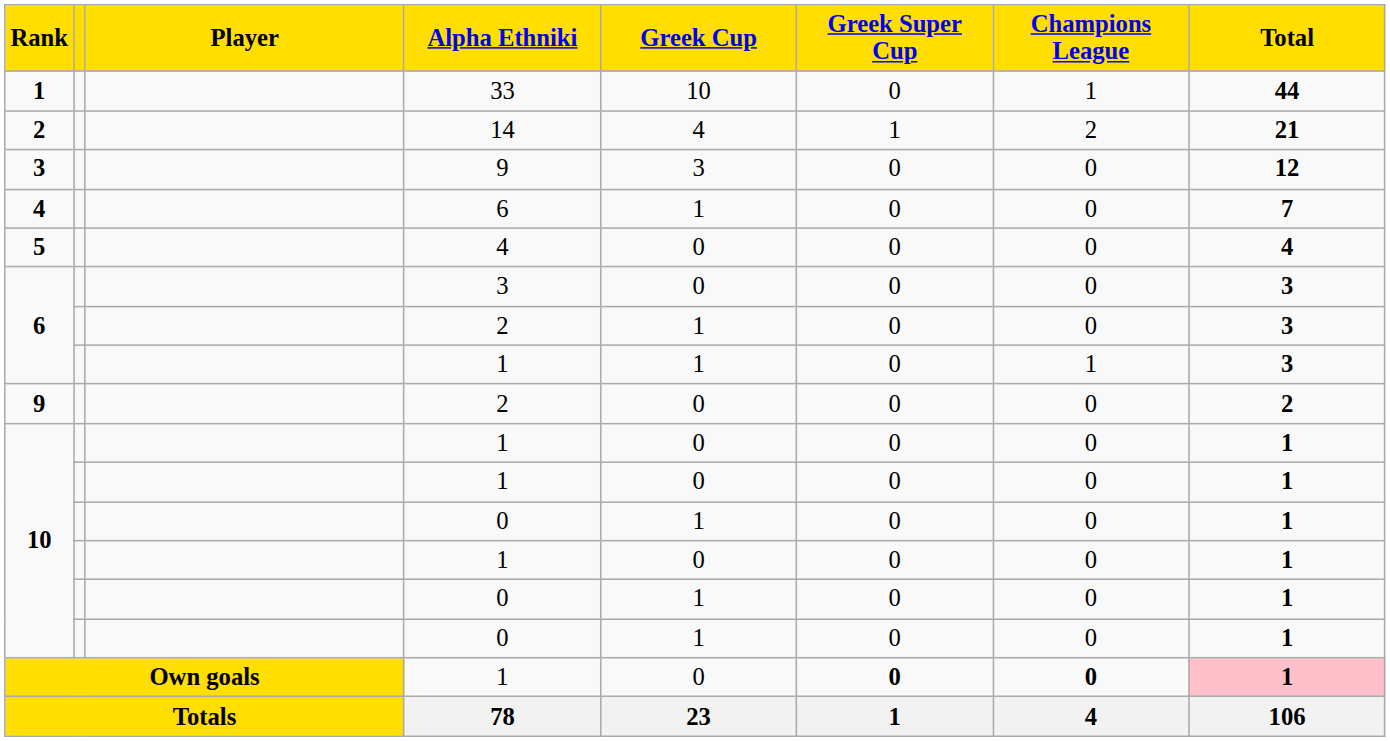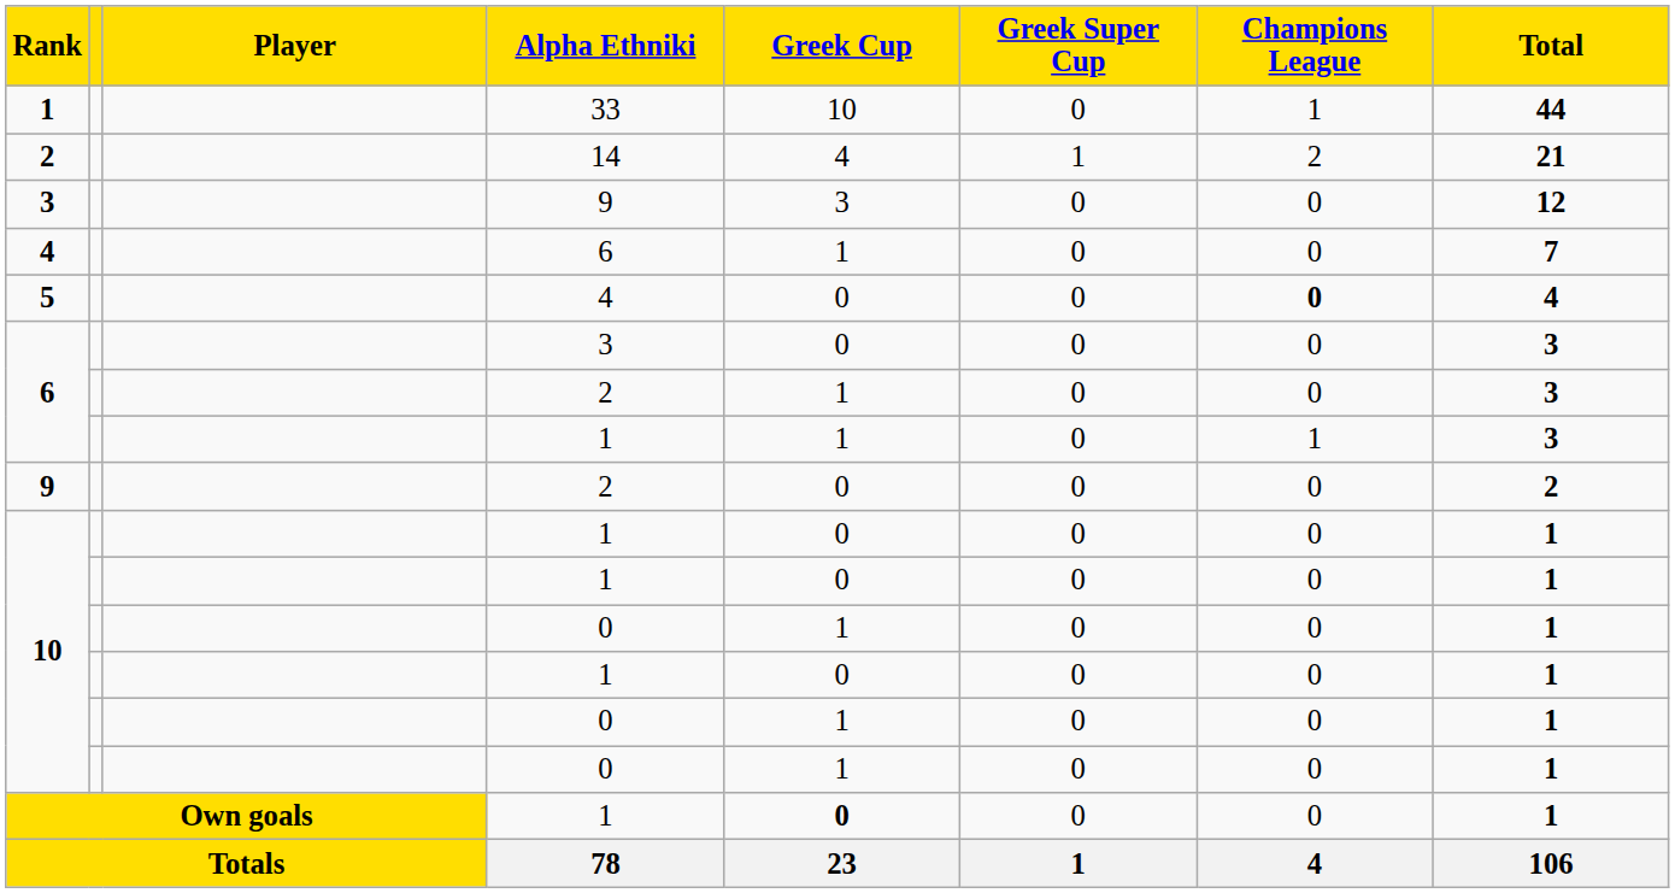 <table class="wikitable sortable" style="text-align: center">
 <tr>
 <th style="background:#FFDE00">Rank</th>
 <th style="background:#FFDE00"></th>
 <th width=200 style="background:#FFDE00">Player</th>
 <th width=120 style="background:#FFDE00"><a href='#'>Alpha Ethniki</a></th>
 <th width=120 style="background:#FFDE00"><a href='#'>Greek Cup</a></th>
 <th width=120 style="background:#FFDE00"><a href='#'>Greek Super Cup</a></th>
 <th width=120 style="background:#FFDE00"><a href='#'>Champions League</a></th>
 <th width=120 style="background:#FFDE00">Total</th>
 </tr>
 <tr>
 <td><strong>1</strong></td>
 <td></td>
 <td align=left></td>
 <td>33</td>
 <td>10</td>
 <td>0</td>
 <td>1</td>
 <td><strong>44</strong></td>
 </tr>
 <tr>
 <td><strong>2</strong></td>
 <td></td>
 <td align=left></td>
 <td>14</td>
 <td>4</td>
 <td>1</td>
 <td>2</td>
 <td><strong>21</strong></td>
 </tr>
 <tr>
 <td><strong>3</strong></td>
 <td></td>
 <td align=left></td>
 <td>9</td>
 <td>3</td>
 <td>0</td>
 <td>0</td>
 <td><strong>12</strong></td>
 </tr>
 <tr>
 <td><strong>4</strong></td>
 <td></td>
 <td align=left></td>
 <td>6</td>
 <td>1</td>
 <td>0</td>
 <td>0</td>
 <td><strong>7</strong></td>
 </tr>
 <tr>
 <td><strong>5</strong></td>
 <td></td>
 <td align=left></td>
 <td>4</td>
 <td>0</td>
 <td>0</td>
-<td>0</td>
+<td><strong>0</strong></td>
 <td><strong>4</strong></td>
 </tr>
 <tr>
 <td rowspan=3><strong>6</strong></td>
 <td></td>
 <td align=left></td>
 <td>3</td>
 <td>0</td>
 <td>0</td>
 <td>0</td>
 <td><strong>3</strong></td>
 </tr>
 <tr>
 <td></td>
 <td align=left></td>
 <td>2</td>
 <td>1</td>
 <td>0</td>
 <td>0</td>
 <td><strong>3</strong></td>
 </tr>
 <tr>
 <td></td>
 <td align=left></td>
 <td>1</td>
 <td>1</td>
 <td>0</td>
 <td>1</td>
 <td><strong>3</strong></td>
 </tr>
 <tr>
 <td><strong>9</strong></td>
 <td></td>
 <td align=left></td>
 <td>2</td>
 <td>0</td>
 <td>0</td>
 <td>0</td>
 <td><strong>2</strong></td>
 </tr>
 <tr>
 <td rowspan=6><strong>10</strong></td>
 <td></td>
 <td align=left></td>
 <td>1</td>
 <td>0</td>
 <td>0</td>
 <td>0</td>
 <td><strong>1</strong></td>
 </tr>
 <tr>
 <td></td>
 <td align=left></td>
 <td>1</td>
 <td>0</td>
 <td>0</td>
 <td>0</td>
 <td><strong>1</strong></td>
 </tr>
 <tr>
 <td></td>
 <td align=left></td>
 <td>0</td>
 <td>1</td>
 <td>0</td>
 <td>0</td>
 <td><strong>1</strong></td>
 </tr>
 <tr>
 <td></td>
 <td align=left></td>
 <td>1</td>
 <td>0</td>
 <td>0</td>
 <td>0</td>
 <td><strong>1</strong></td>
 </tr>
 <tr>
 <td></td>
 <td align=left></td>
 <td>0</td>
 <td>1</td>
 <td>0</td>
 <td>0</td>
 <td><strong>1</strong></td>
 </tr>
 <tr>
 <td></td>
 <td align=left></td>
 <td>0</td>
 <td>1</td>
 <td>0</td>
 <td>0</td>
 <td><strong>1</strong></td>
 </tr>
 <tr class="sortbottom">
 <td colspan=3 style="background:#FFDE00"><strong>Own goals</strong></td>
 <td>1</td>
+<td><strong>0</strong></td>
 <td>0</td>
-<td><strong>0</strong></td>
-<td><strong>0</strong></td>
-<td style="background: pink;"><strong>1</strong></td>
+<td>0</td>
+<td><strong>1</strong></td>
 </tr>
 <tr class="sortbottom">
 <th colspan=3 style="background:#FFDE00"><strong>Totals</strong></th>
 <th><strong> 78</strong></th>
 <th><strong> 23</strong></th>
 <th><strong>  1</strong></th>
 <th><strong>  4</strong></th>
 <th><strong>106</strong></th>
 </tr>
 </table>
